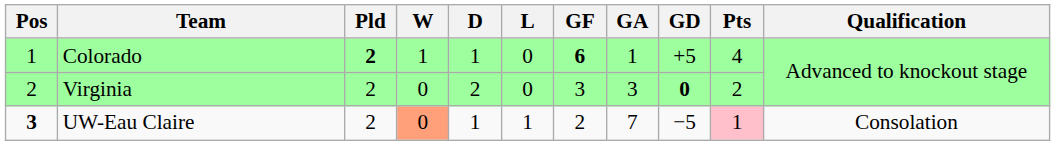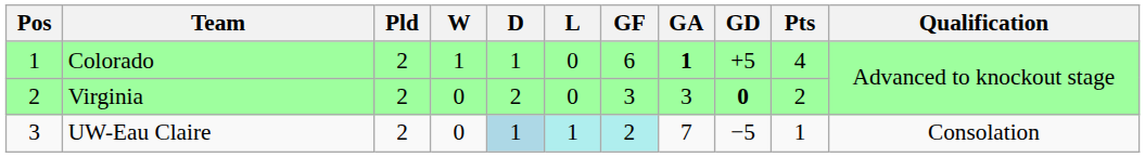 <table class="wikitable" style="text-align:center; margin: 1em auto">
 <tr>
 <th style="width:2em">Pos</th>
 <th style="width:13em">Team</th>
 <th style="width:2em">Pld</th>
 <th style="width:2em">W</th>
 <th style="width:2em">D</th>
 <th style="width:2em">L</th>
 <th style="width:2em">GF</th>
 <th style="width:2em">GA</th>
 <th style="width:2em">GD</th>
 <th style="width:2em">Pts</th>
 <th style="width:13em">Qualification</th>
 </tr>
 <tr bgcolor="#9eff9e">
 <td>1</td>
 <td style="text-align:left">Colorado</td>
-<td><strong>2</strong></td>
+<td>2</td>
 <td>1</td>
 <td>1</td>
 <td>0</td>
-<td><strong>6</strong></td>
-<td>1</td>
+<td>6</td>
+<td><strong>1</strong></td>
 <td>+5</td>
 <td>4</td>
 <td rowspan="2">Advanced to knockout stage</td>
 </tr>
 <tr bgcolor="#9eff9e">
 <td>2</td>
 <td style="text-align:left">Virginia</td>
 <td>2</td>
 <td>0</td>
 <td>2</td>
 <td>0</td>
 <td>3</td>
 <td>3</td>
 <td><strong>0</strong></td>
 <td>2</td>
 </tr>
 <tr>
-<td><strong>3</strong></td>
+<td>3</td>
 <td style="text-align:left">UW-Eau Claire</td>
 <td>2</td>
-<td style="background: lightsalmon;">0</td>
-<td>1</td>
-<td>1</td>
-<td>2</td>
+<td>0</td>
+<td style="background: lightblue;">1</td>
+<td style="background: paleturquoise;">1</td>
+<td style="background: paleturquoise;">2</td>
 <td>7</td>
 <td>−5</td>
-<td style="background: pink;">1</td>
+<td>1</td>
 <td>Consolation</td>
 </tr>
 </table>
